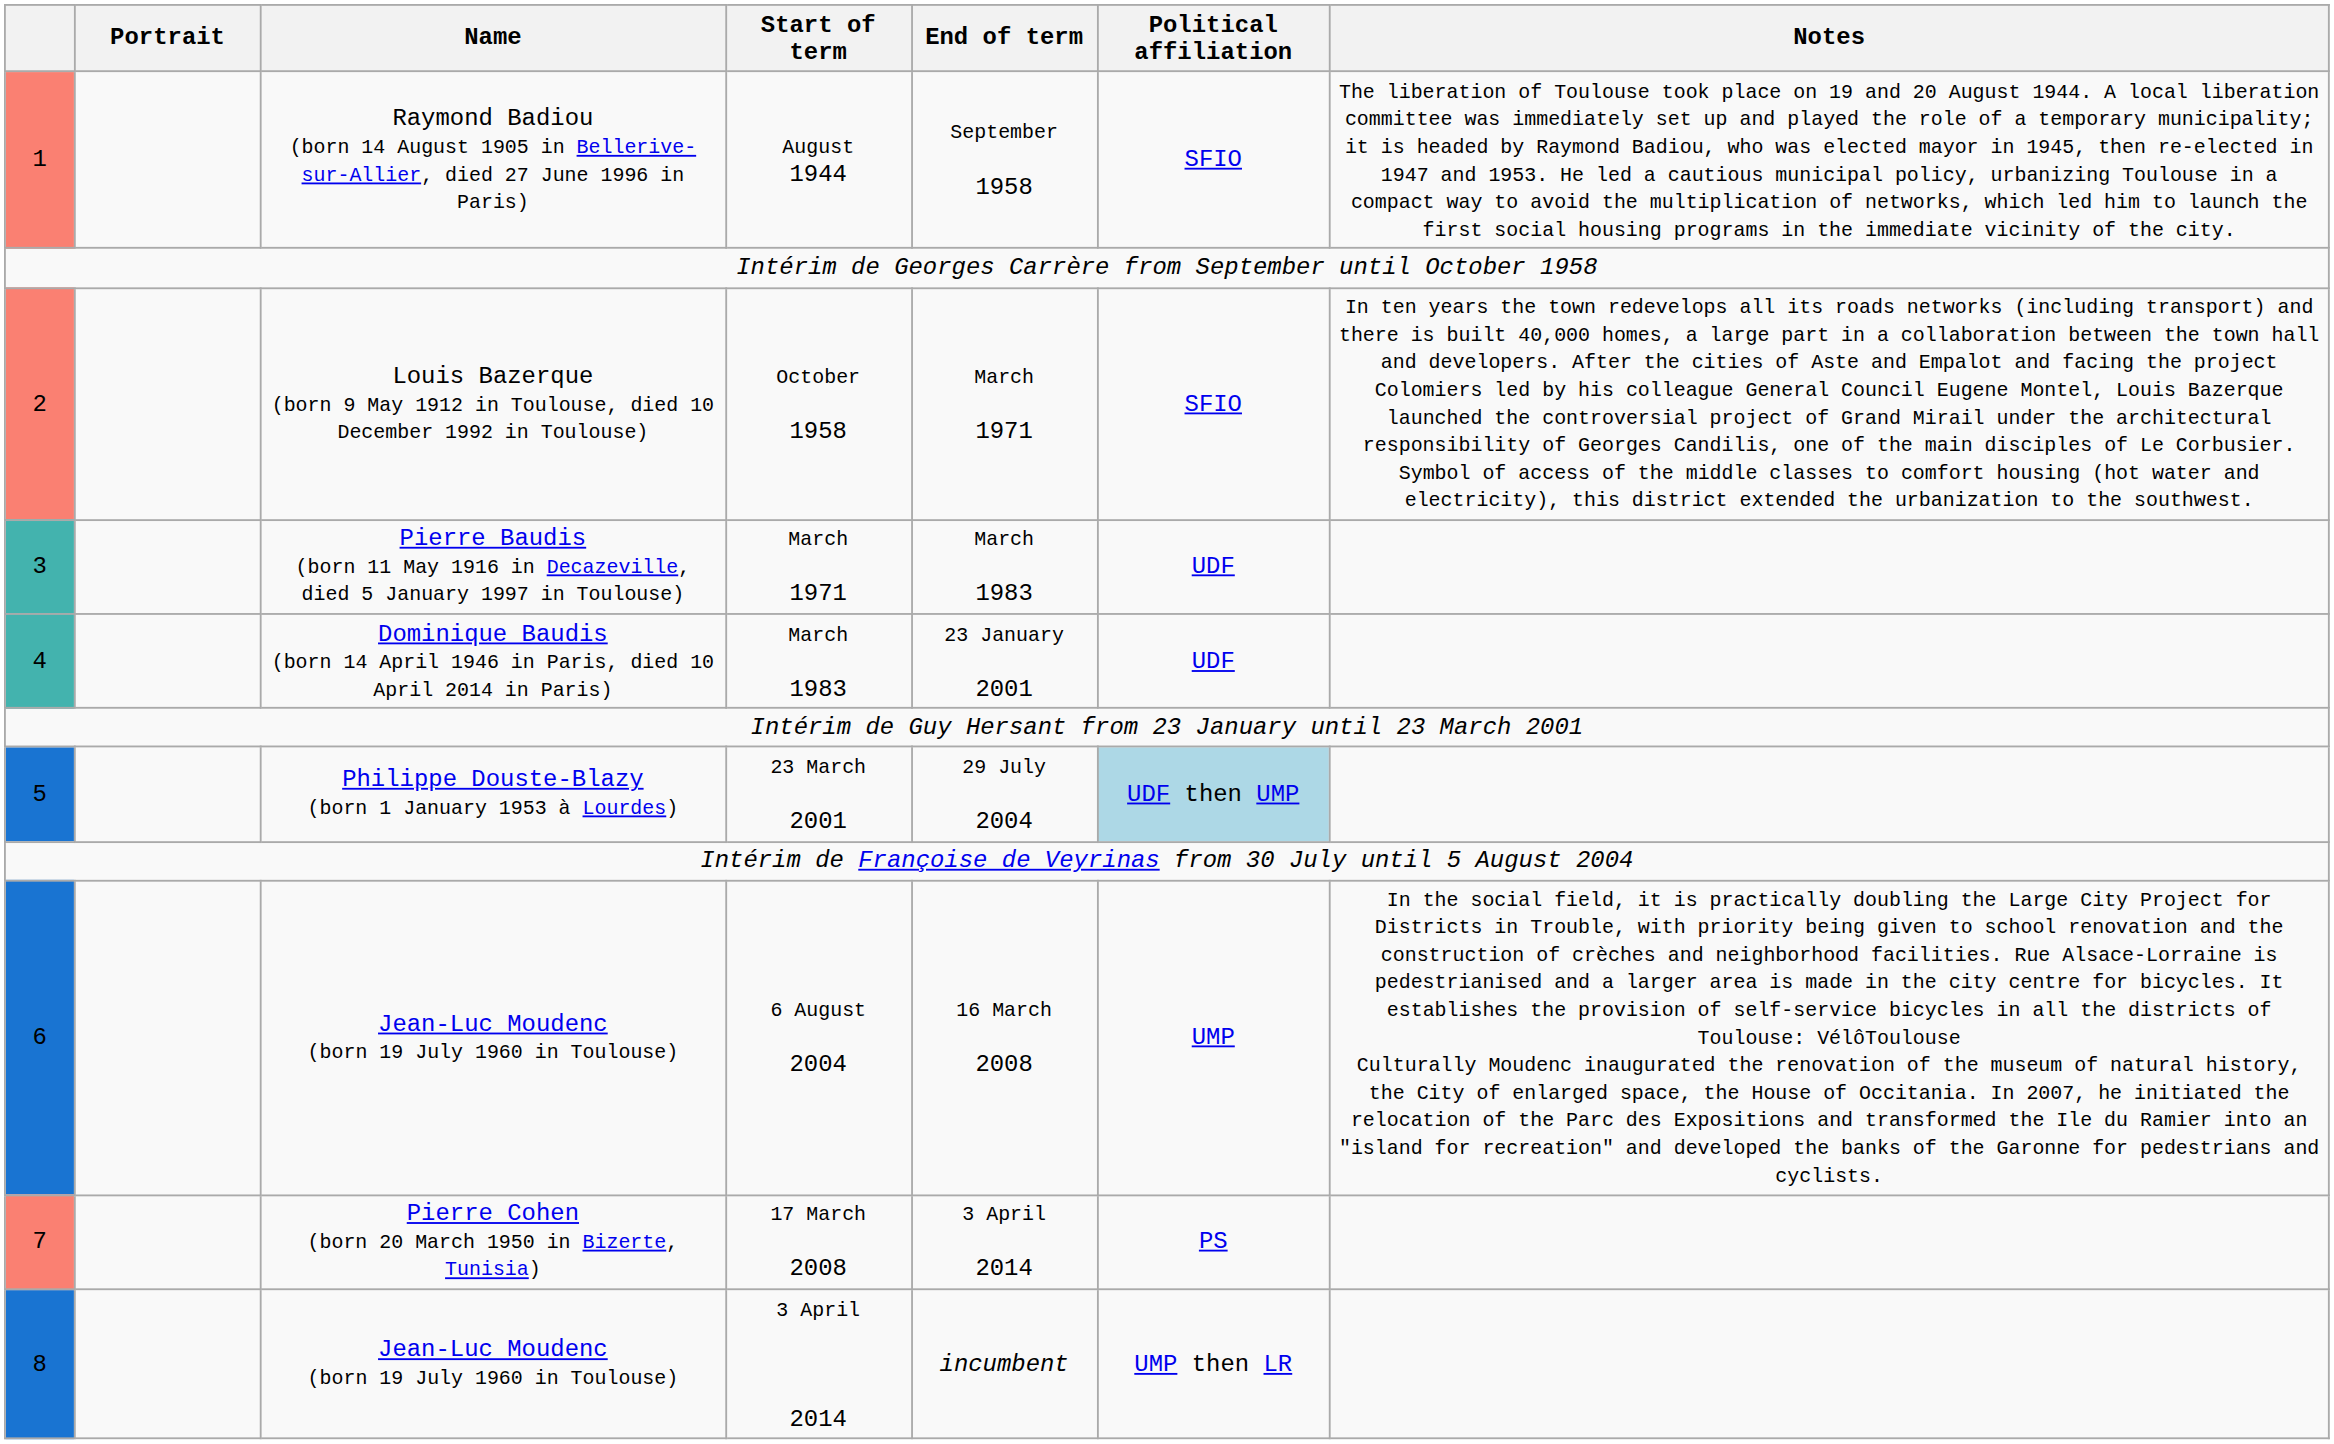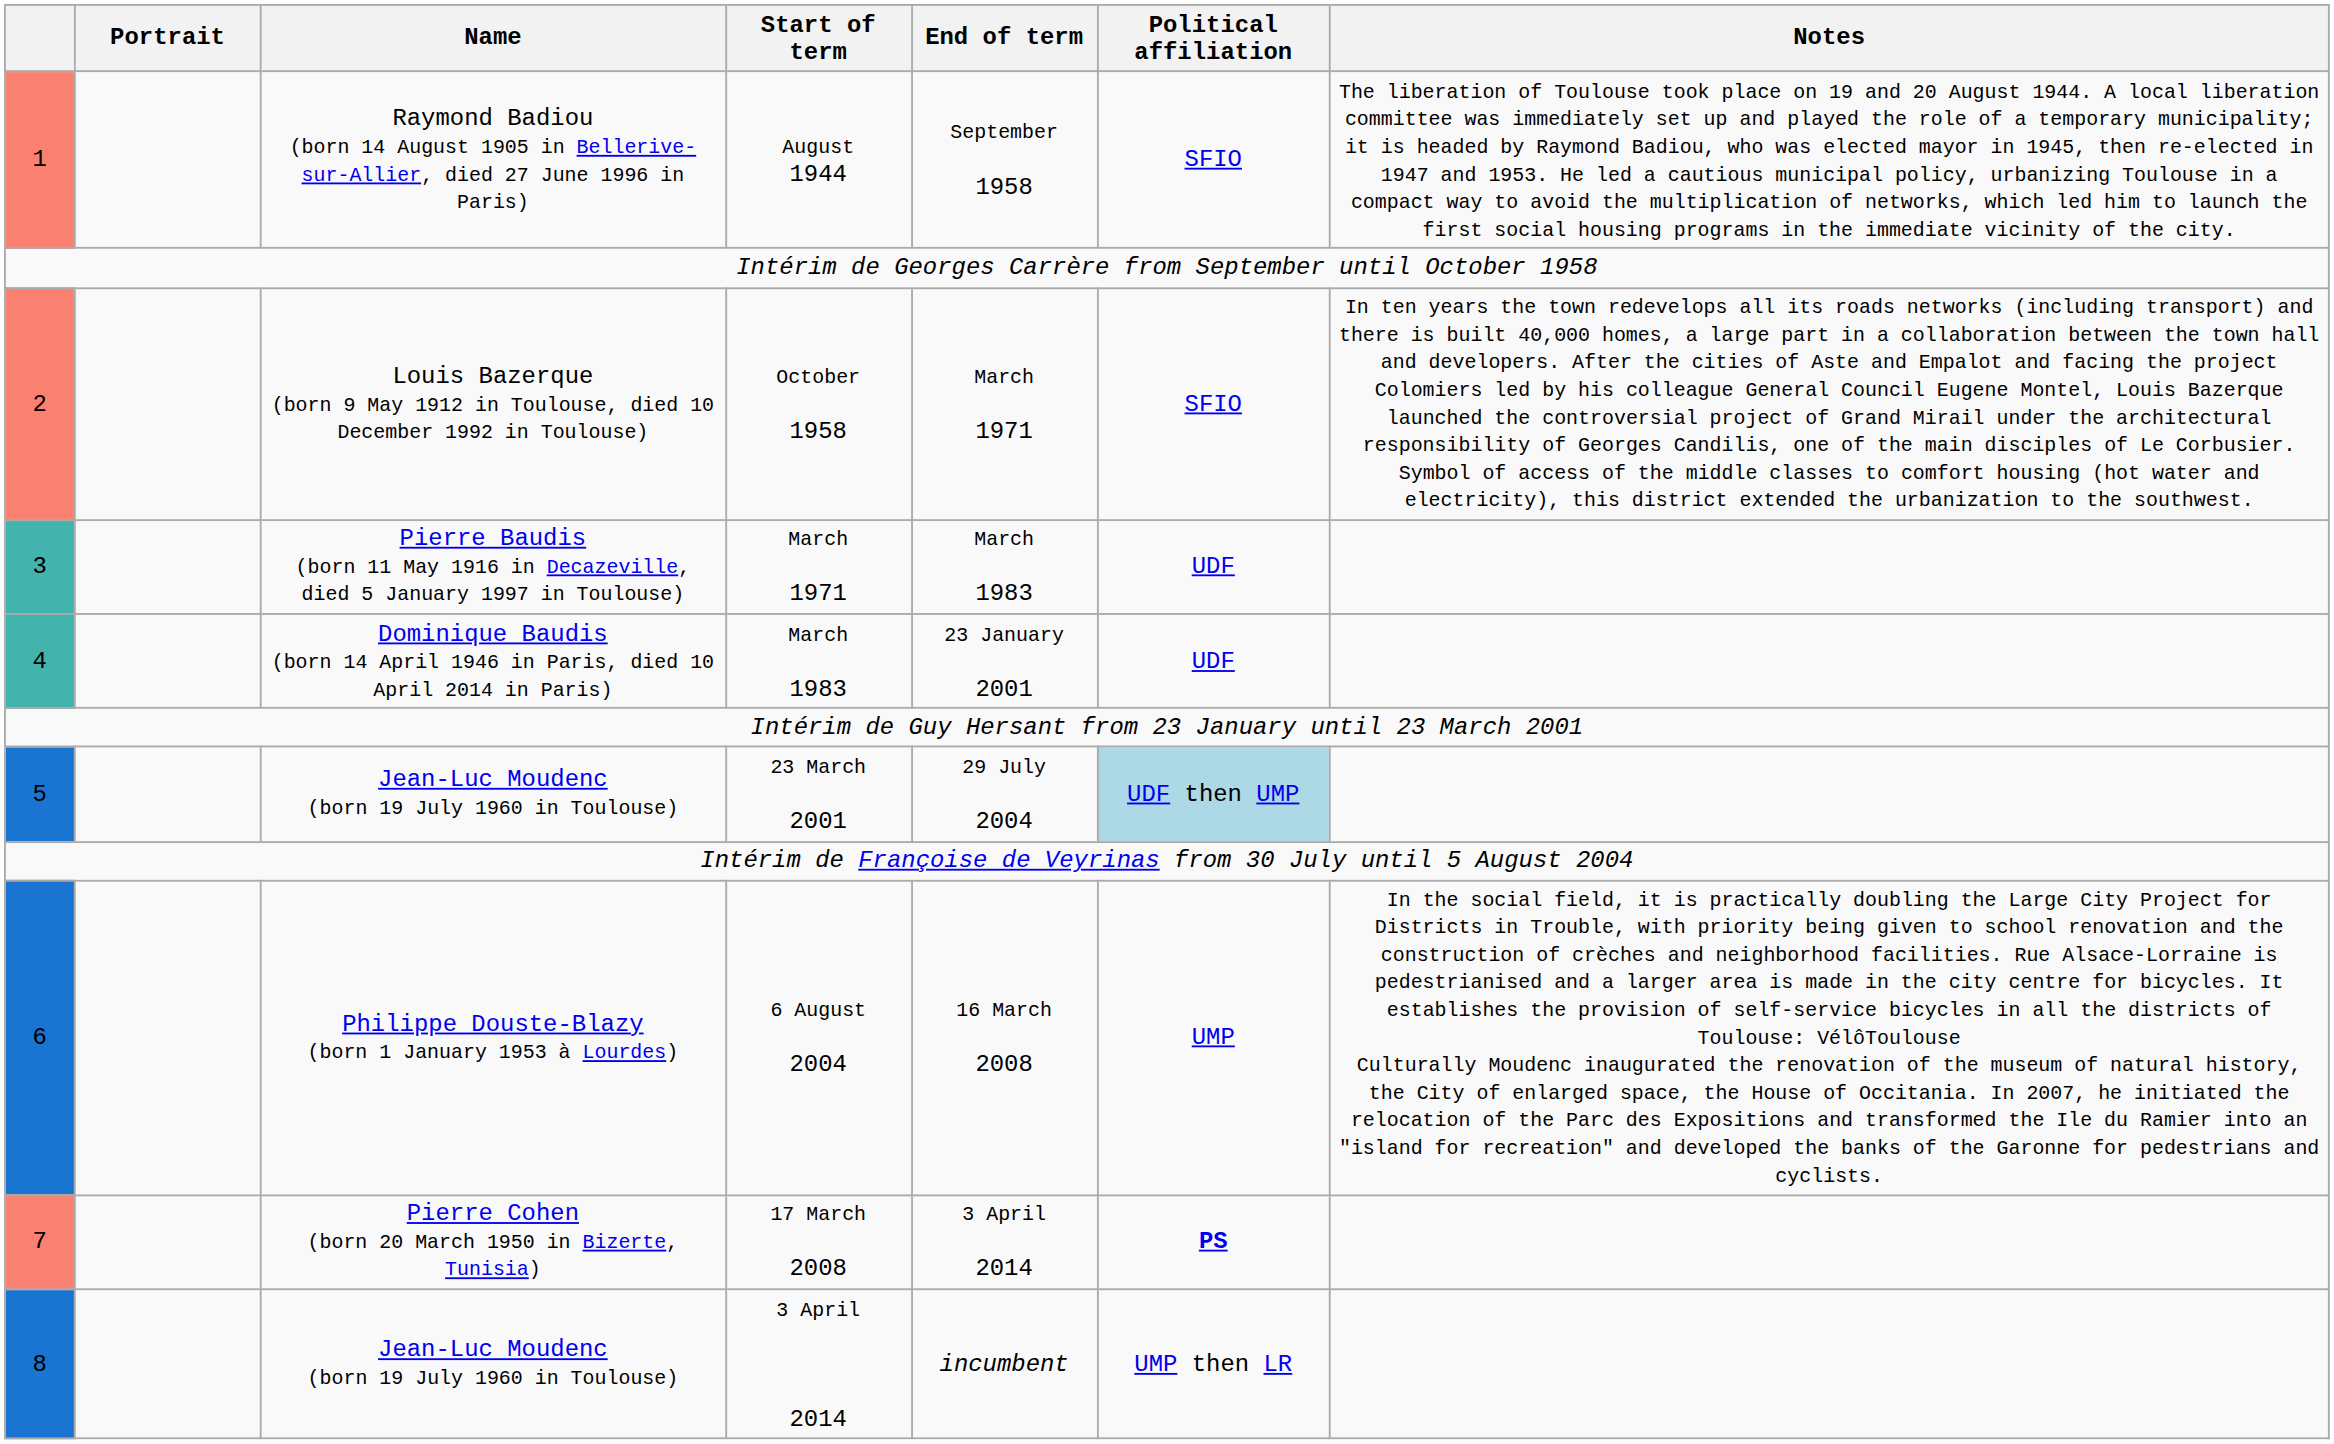 <table class="wikitable" style="text-align:center;" width="100%">
 <tr>
 <th width="3%"></th>
 <th width="8%">Portrait</th>
 <th width="20%">Name</th>
 <th width="8%">Start of term</th>
 <th width="8%">End of term</th>
 <th width="10%">Political affiliation</th>
 <th>Notes</th>
 </tr>
 <tr>
 <td bgcolor="#FA8072">1</td>
 <td></td>
 <td>Raymond Badiou<br><small>(born 14 August 1905 in <a href='#'>Bellerive-sur-Allier</a>, died 27 June 1996 in Paris)</small></td>
 <td><small>August</small><br>1944</td>
 <td><small>September</small><br><br>1958</td>
 <td><a href='#'>SFIO</a></td>
 <td><small>The liberation of Toulouse took place on 19 and 20 August 1944. A local liberation committee was immediately set up and played the role of a temporary municipality; it is headed by Raymond Badiou, who was elected mayor in 1945, then re-elected in 1947 and 1953. He led a cautious municipal policy, urbanizing Toulouse in a compact way to avoid the multiplication of networks, which led him to launch the first social housing programs in the immediate vicinity of the city.</small></td>
 </tr>
 <tr>
 <td colspan="7"><em>Intérim de Georges Carrère from September until October 1958</em></td>
 </tr>
 <tr>
 <td bgcolor="#FA8072">2</td>
 <td></td>
 <td>Louis Bazerque<br><small>(born 9 May 1912 in Toulouse, died 10 December 1992 in Toulouse)</small></td>
 <td><small>October</small><br><br>1958</td>
 <td><small>March</small><br><br>1971</td>
 <td><a href='#'>SFIO</a></td>
 <td><small>In ten years the town redevelops all its roads networks (including transport) and there is built 40,000 homes, a large part in a collaboration between the town hall and developers. After the cities of Aste and Empalot and facing the project Colomiers led by his colleague General Council Eugene Montel, Louis Bazerque launched the controversial project of Grand Mirail under the architectural responsibility of Georges Candilis, one of the main disciples of Le Corbusier. Symbol of access of the middle classes to comfort housing (hot water and electricity), this district extended the urbanization to the southwest.</small></td>
 </tr>
 <tr>
 <td bgcolor="#43B3AE">3</td>
 <td></td>
 <td><a href='#'>Pierre Baudis</a><br><small>(born 11 May 1916 in <a href='#'>Decazeville</a>, died 5 January 1997 in Toulouse)</small></td>
 <td><small>March</small><br><br>1971</td>
 <td><small>March</small><br><br>1983</td>
 <td><a href='#'>UDF</a></td>
 <td></td>
 </tr>
 <tr>
 <td bgcolor="#43B3AE">4</td>
 <td></td>
 <td><a href='#'>Dominique Baudis</a><br><small>(born 14 April 1946 in Paris, died 10 April 2014 in Paris)</small></td>
 <td><small>March</small><br><br>1983</td>
 <td><small>23 January</small><br><br>2001</td>
 <td><a href='#'>UDF</a></td>
 <td></td>
 </tr>
 <tr>
 <td colspan="7"><em>Intérim de Guy Hersant from 23 January until 23 March 2001</em></td>
 </tr>
 <tr>
 <td bgcolor="#1974D2">5</td>
 <td></td>
-<td><a href='#'>Philippe Douste-Blazy</a><br><small>(born 1 January 1953 à <a href='#'>Lourdes</a>)</small></td>
+<td><a href='#'>Jean-Luc Moudenc</a><br><small>(born 19 July 1960 in Toulouse)</small></td>
 <td><small>23 March</small><br><br>2001</td>
 <td><small>29 July</small><br><br>2004</td>
 <td style="background: lightblue;"><a href='#'>UDF</a> then <a href='#'>UMP</a></td>
 <td></td>
 </tr>
 <tr>
 <td colspan="7"><em>Intérim de <a href='#'>Françoise de Veyrinas</a> from 30 July until 5 August 2004</em></td>
 </tr>
 <tr>
 <td bgcolor="#1974D2">6</td>
 <td></td>
-<td><a href='#'>Jean-Luc Moudenc</a><br><small>(born 19 July 1960 in Toulouse)</small></td>
+<td><a href='#'>Philippe Douste-Blazy</a><br><small>(born 1 January 1953 à <a href='#'>Lourdes</a>)</small></td>
 <td><small>6 August</small><br><br>2004</td>
 <td><small>16 March</small><br><br>2008</td>
 <td><a href='#'>UMP</a></td>
 <td><small>In the social field, it is practically doubling the Large City Project for Districts in Trouble, with priority being given to school renovation and the construction of crèches and neighborhood facilities. Rue Alsace-Lorraine is pedestrianised and a larger area is made in the city centre for bicycles. It establishes the provision of self-service bicycles in all the districts of Toulouse: VélôToulouse</small><br><small>Culturally Moudenc inaugurated the renovation of the museum of natural history, the City of enlarged space, the House of Occitania. In 2007, he initiated the relocation of the Parc des Expositions and transformed the Ile du Ramier into an "island for recreation" and developed the banks of the Garonne for pedestrians and cyclists.</small></td>
 </tr>
 <tr>
 <td bgcolor="#FA8072">7</td>
 <td></td>
 <td><a href='#'>Pierre Cohen</a><br><small>(born 20 March 1950 in <a href='#'>Bizerte</a>, <a href='#'>Tunisia</a>)</small></td>
 <td><small>17 March</small><br><br>2008</td>
 <td><small>3 April</small><br><br>2014</td>
-<td><a href='#'>PS</a></td>
+<td><strong><a href='#'>PS</a></strong></td>
 <td></td>
 </tr>
 <tr>
 <td bgcolor="#1974D2">8</td>
 <td></td>
 <td><a href='#'>Jean-Luc Moudenc</a><br><small>(born 19 July 1960 in Toulouse)</small></td>
 <td><small>3 April</small><br><br><br><br>2014</td>
 <td><em>incumbent</em></td>
 <td><a href='#'>UMP</a> then <a href='#'>LR</a></td>
 <td></td>
 </tr>
 </table>
